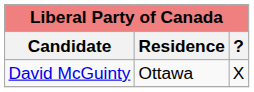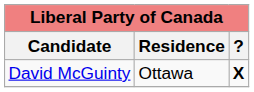 <table class="wikitable">
 <tr>
 <td align="center" bgcolor="lightcoral" colspan=3><strong>Liberal Party of Canada</strong></td>
 </tr>
 <tr>
 <th align="left">Candidate</th>
 <th align="center">Residence</th>
 <th align="left">?</th>
 </tr>
 <tr>
 <td><a href='#'>David McGuinty</a></td>
 <td>Ottawa</td>
-<td>X</td>
+<td><strong>X</strong></td>
 </tr>
 <tr>
 </tr>
 </table>
